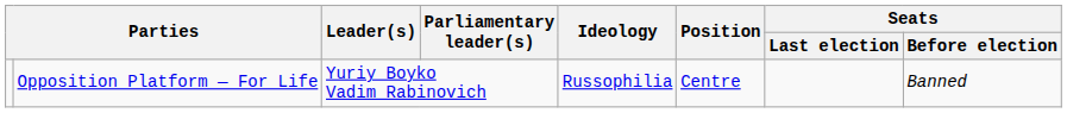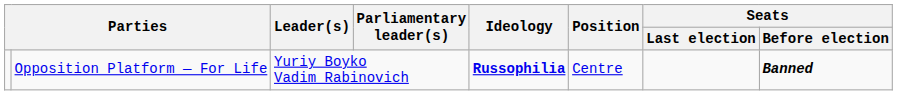 <table class="wikitable">
 <tr>
 <th colspan="2" rowspan="2">Parties</th>
 <th rowspan="2">Leader(s)</th>
 <th rowspan="2">Parliamentary<br>leader(s)</th>
 <th rowspan="2">Ideology</th>
 <th rowspan="2">Position</th>
 <th colspan="2">Seats</th>
 </tr>
 <tr>
 <th>Last election</th>
 <th>Before election</th>
 </tr>
 <tr>
 <td style="background:"></td>
 <td><a href='#'>Opposition Platform — For Life</a></td>
 <td colspan="2"><a href='#'>Yuriy Boyko</a><br><a href='#'>Vadim Rabinovich</a></td>
-<td><a href='#'>Russophilia</a></td>
+<td><strong><a href='#'>Russophilia</a></strong></td>
 <td><a href='#'>Centre</a></td>
 <td></td>
-<td><em>Banned</em></td>
+<td><strong><em>Banned</em></strong></td>
 </tr>
 </table>
